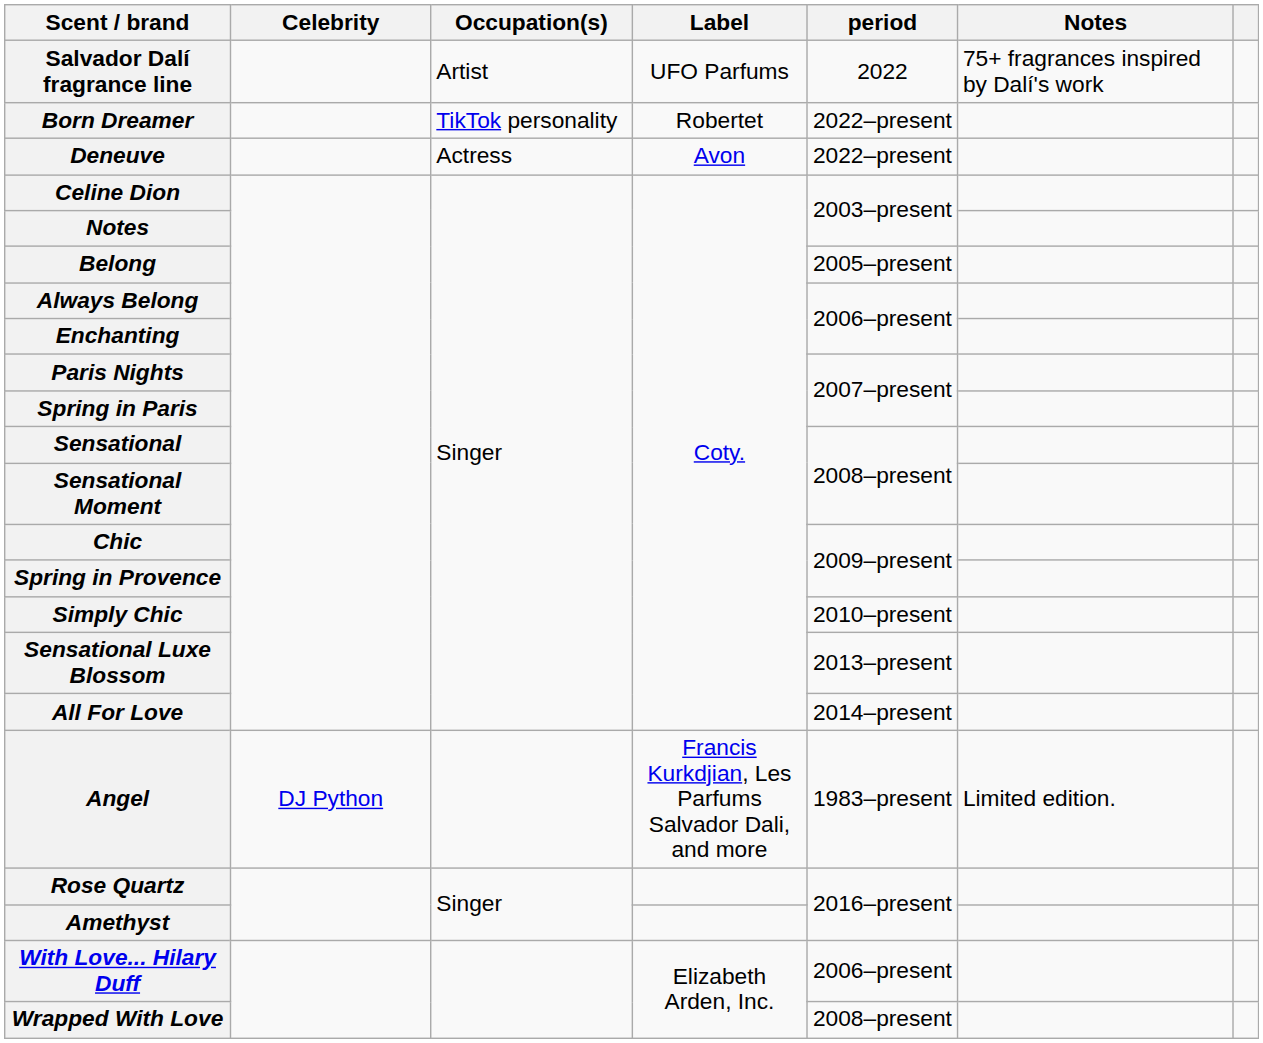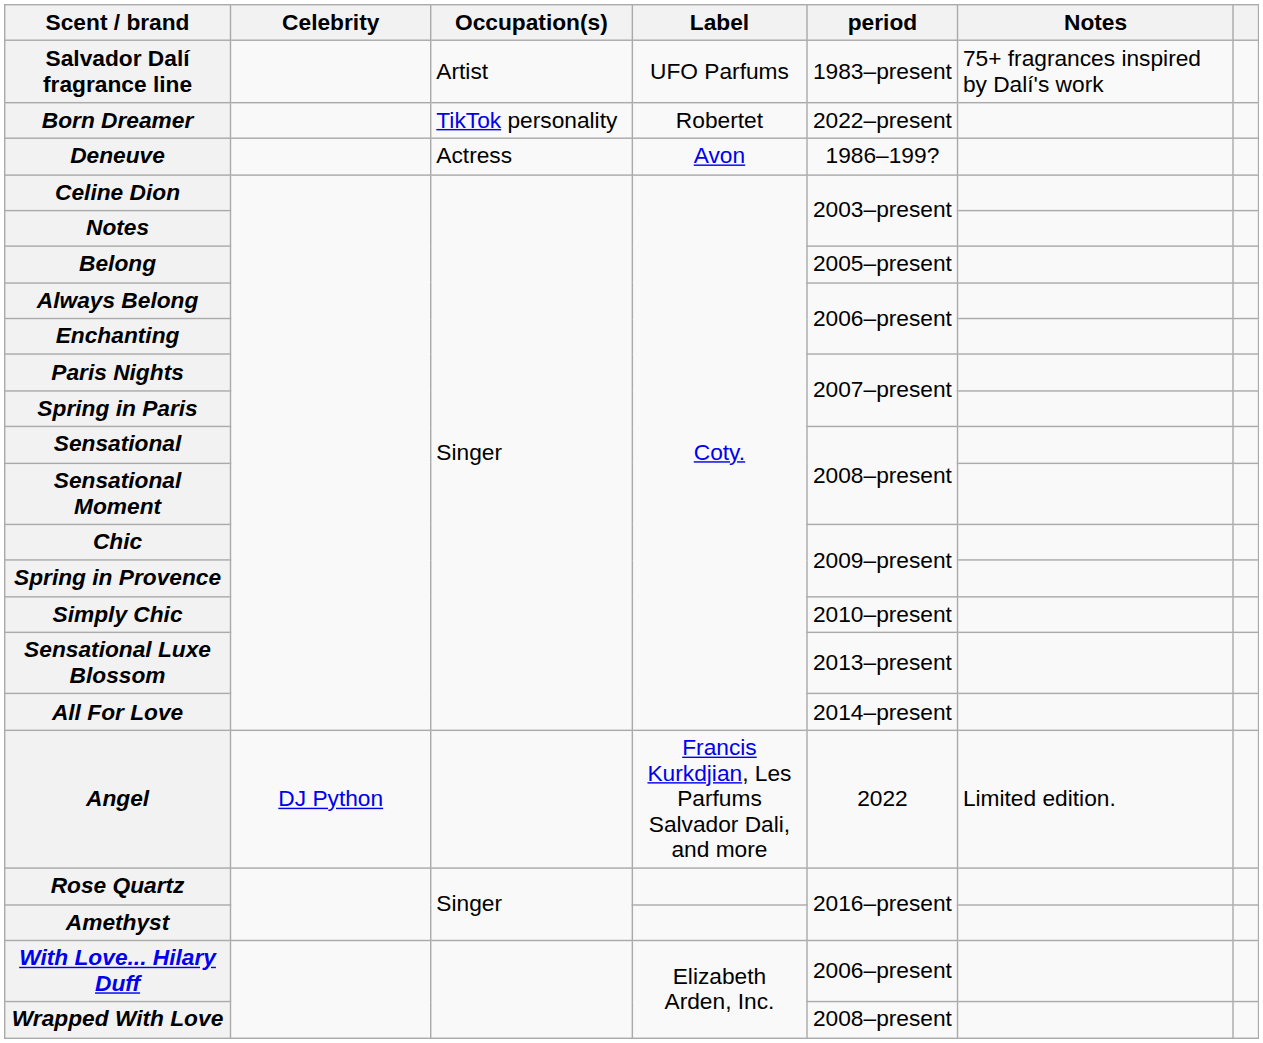 <table class="wikitable sortable plainrowheaders" font-size:95%; style="text-align:center;" width="100%;">
 <tr>
 <th scope="col" width="18%">Scent / brand</th>
 <th scope="col" width:"16%">Celebrity</th>
 <th scope="col" width="16%">Occupation(s)</th>
 <th scope="col" width="14%">Label</th>
 <th scope="col" width="12%"> period</th>
 <th scope="col" width="22%;" class="unsortable">Notes</th>
 <th scope="col" width="2%;" class="unsortable"></th>
 </tr>
 <tr>
 <th scope="row">Salvador Dalí fragrance line</th>
 <td></td>
 <td style="text-align:left;">Artist</td>
 <td>UFO Parfums</td>
-<td>2022</td>
+<td>1983–present</td>
 <td style="text-align:left;">75+ fragrances inspired by Dalí's work</td>
 <td></td>
 </tr>
 <tr>
 <th scope="row"><em>Born Dreamer</em></th>
 <td></td>
 <td style="text-align:left;"><a href='#'>TikTok</a> personality</td>
 <td>Robertet</td>
 <td>2022–present</td>
 <td style="text-align:left;"></td>
 <td></td>
 </tr>
 <tr>
 <th scope="row"><em>Deneuve</em></th>
 <td></td>
 <td style="text-align:left;">Actress</td>
 <td><a href='#'>Avon</a></td>
-<td>2022–present</td>
+<td>1986–199?</td>
 <td style="text-align:left;"></td>
 <td></td>
 </tr>
 <tr>
 <th scope="row"><em>Celine Dion</em></th>
 <td rowspan="14"></td>
 <td rowspan="14" style="text-align:left;">Singer</td>
 <td rowspan="14"><a href='#'>Coty.</a></td>
 <td rowspan="2">2003–present</td>
 <td style="text-align:left;"></td>
 <td></td>
 </tr>
 <tr>
 <th scope="row"><em>Notes</em></th>
 <td style="text-align:left;"></td>
 <td></td>
 </tr>
 <tr>
 <th scope="row"><em>Belong</em></th>
 <td>2005–present</td>
 <td style="text-align:left;"></td>
 <td></td>
 </tr>
 <tr>
 <th scope="row"><em>Always Belong</em></th>
 <td rowspan="2">2006–present</td>
 <td style="text-align:left;"></td>
 <td></td>
 </tr>
 <tr>
 <th scope="row"><em>Enchanting</em></th>
 <td style="text-align:left;"></td>
 <td></td>
 </tr>
 <tr>
 <th scope="row"><em>Paris Nights</em></th>
 <td rowspan="2">2007–present</td>
 <td style="text-align:left;"></td>
 <td></td>
 </tr>
 <tr>
 <th scope="row"><em>Spring in Paris</em></th>
 <td style="text-align:left;"></td>
 <td></td>
 </tr>
 <tr>
 <th scope="row"><em>Sensational</em></th>
 <td rowspan="2">2008–present</td>
 <td style="text-align:left;"></td>
 <td></td>
 </tr>
 <tr>
 <th scope="row"><em>Sensational Moment</em></th>
 <td style="text-align:left;"></td>
 <td></td>
 </tr>
 <tr>
 <th scope="row"><em>Chic</em></th>
 <td rowspan="2">2009–present</td>
 <td style="text-align:left;"></td>
 <td></td>
 </tr>
 <tr>
 <th scope="row"><em>Spring in Provence</em></th>
 <td style="text-align:left;"></td>
 <td></td>
 </tr>
 <tr>
 <th scope="row"><em>Simply Chic</em></th>
 <td>2010–present</td>
 <td style="text-align:left;"></td>
 <td></td>
 </tr>
 <tr>
 <th scope="row"><em>Sensational Luxe Blossom</em></th>
 <td>2013–present</td>
 <td style="text-align:left;"></td>
 <td></td>
 </tr>
 <tr>
 <th scope="row"><em>All For Love</em></th>
 <td rowspan="1">2014–present</td>
 <td style="text-align:left;"></td>
 <td></td>
 </tr>
 <tr>
 <th scope="row"><em>Angel</em></th>
 <td><a href='#'>DJ Python</a></td>
 <td></td>
 <td><a href='#'>Francis Kurkdjian</a>, Les Parfums Salvador Dali, and more</td>
-<td>1983–present</td>
+<td>2022</td>
 <td style="text-align:left;">Limited edition.</td>
 <td></td>
 </tr>
 <tr>
 <th scope="row"><em>Rose Quartz</em></th>
 <td rowspan="2"></td>
 <td rowspan="2" style="text-align:left;">Singer</td>
 <td></td>
 <td rowspan="2">2016–present</td>
 <td></td>
 <td></td>
 </tr>
 <tr>
 <th scope="row"><em>Amethyst</em></th>
 <td style="text-align:left;"></td>
 <td></td>
 </tr>
 <tr>
 <th scope="row"><em><a href='#'>With Love... Hilary Duff</a></em></th>
 <td rowspan="2"></td>
 <td rowspan="2" style="text-align:left;"></td>
 <td rowspan="2">Elizabeth Arden, Inc.</td>
 <td>2006–present</td>
 <td style="text-align:left;"></td>
 <td><br></td>
 </tr>
 <tr>
 <th scope="row"><em>Wrapped With Love</em></th>
 <td>2008–present</td>
 <td style="text-align:left;"></td>
 <td></td>
 </tr>
 <tr>
 </tr>
 </table>
